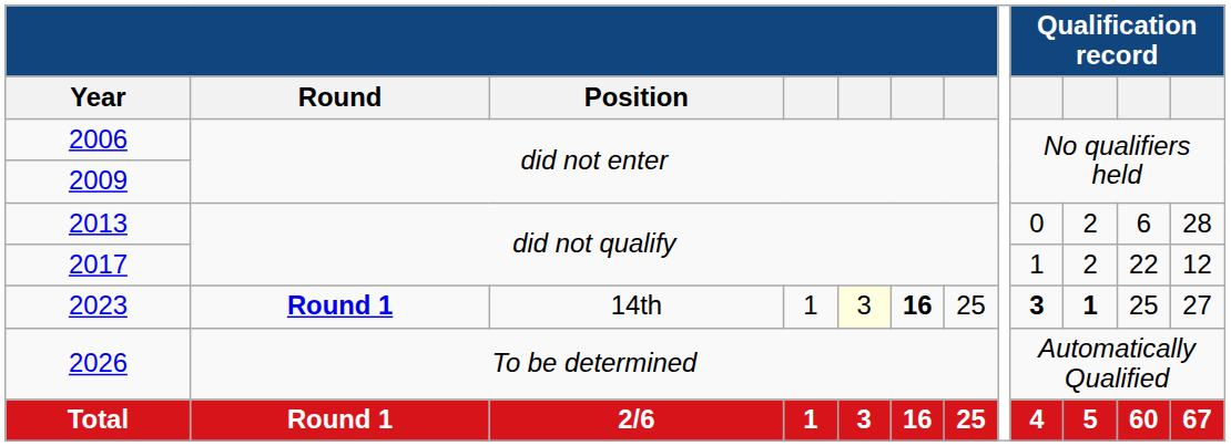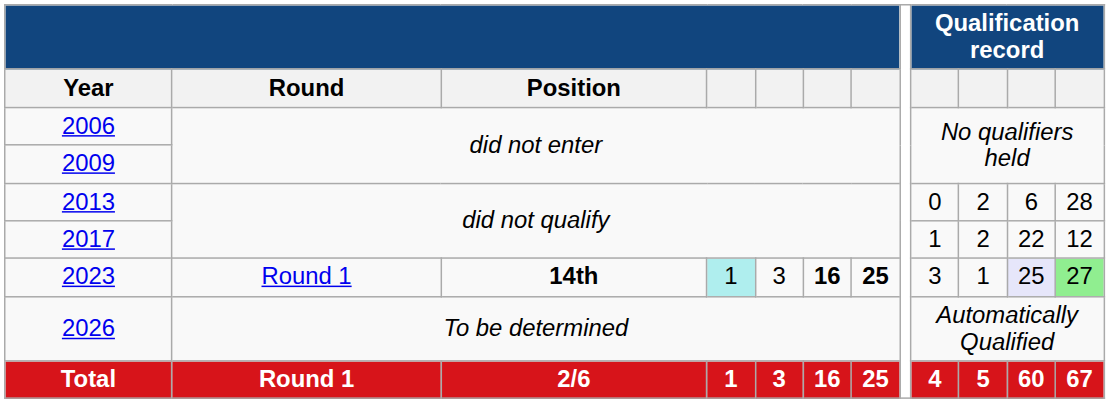 <table class="wikitable" style="text-align: center;">
 <tr>
 <th style="background:#11457e;" colspan="7"><a href='#'></a></th>
 <th style="background:white; width:1%;" rowspan="9"></th>
 <th style="background:#11457e; color:#FFFFFF;" colspan="5">Qualification record</th>
 </tr>
 <tr>
 <th>Year</th>
 <th>Round</th>
 <th>Position</th>
 <th width=25></th>
 <th width=25></th>
 <th width=25></th>
 <th width=25></th>
 <th width=25></th>
 <th width=25></th>
 <th width=25></th>
 <th width=25></th>
 </tr>
 <tr>
 <td><a href='#'>2006</a></td>
 <td colspan=6 rowspan=2 align=center><em>did not enter</em></td>
 <td colspan=4 rowspan=2 align=center><em>No qualifiers held</em></td>
 </tr>
 <tr>
 <td><a href='#'>2009</a></td>
 </tr>
 <tr>
 <td><a href='#'>2013</a></td>
 <td colspan=6 rowspan=2 align=center><em>did not qualify</em></td>
 <td>0</td>
 <td>2</td>
 <td>6</td>
 <td>28</td>
 </tr>
 <tr>
 <td><a href='#'>2017</a></td>
 <td>1</td>
 <td>2</td>
 <td>22</td>
 <td>12</td>
 </tr>
 <tr>
 <td> <a href='#'>2023</a></td>
-<td><strong><a href='#'>Round 1</a></strong></td>
-<td>14th</td>
+<td><a href='#'>Round 1</a></td>
+<td><strong>14th</strong></td>
+<td style="background: paleturquoise;">1</td>
+<td>3</td>
+<td><strong>16</strong></td>
+<td><strong>25</strong></td>
+<td>3</td>
 <td>1</td>
-<td style="background: lightyellow;">3</td>
-<td><strong>16</strong></td>
-<td>25</td>
-<td><strong>3</strong></td>
-<td><strong>1</strong></td>
-<td>25</td>
-<td>27</td>
+<td style="background: lavender;">25</td>
+<td style="background: lightgreen;">27</td>
 </tr>
 <tr>
 <td> <a href='#'>2026</a></td>
 <td colspan=6 align=center><em>To be determined</em></td>
 <td colspan=4 align=center><em>Automatically Qualified</em></td>
 </tr>
 <tr>
 <th style="color:white; background:#d7141a;"><strong>Total</strong></th>
 <th style="color:white; background:#d7141a;"><strong>Round 1</strong></th>
 <th style="color:white; background:#d7141a;"><strong>2/6</strong></th>
 <th style="color:white; background:#d7141a;"><strong>1</strong></th>
 <th style="color:white; background:#d7141a;"><strong>3</strong></th>
 <th style="color:white; background:#d7141a;"><strong>16</strong></th>
 <th style="color:white; background:#d7141a;"><strong>25</strong></th>
 <th style="color:white; background:#d7141a;"><strong>4</strong></th>
 <th style="color:white; background:#d7141a;"><strong>5</strong></th>
 <th style="color:white; background:#d7141a;"><strong>60</strong></th>
 <th style="color:white; background:#d7141a;"><strong>67</strong></th>
 </tr>
 </table>
